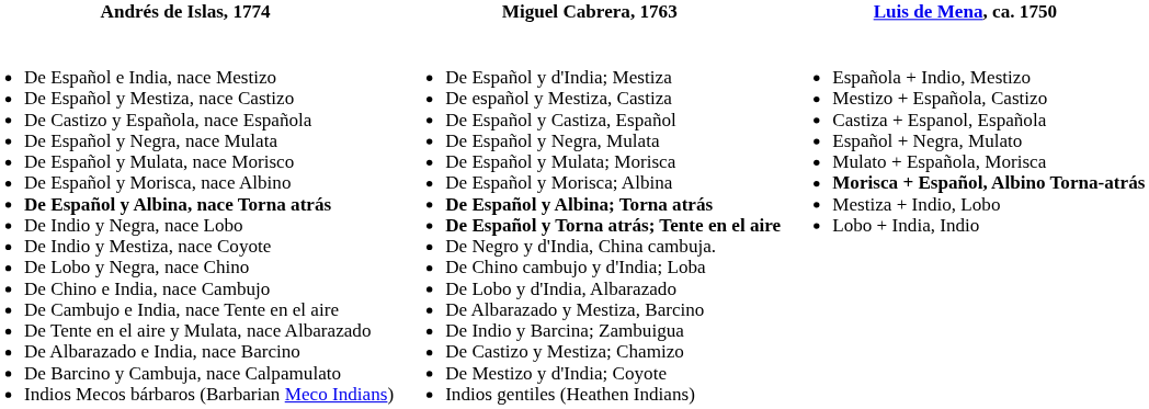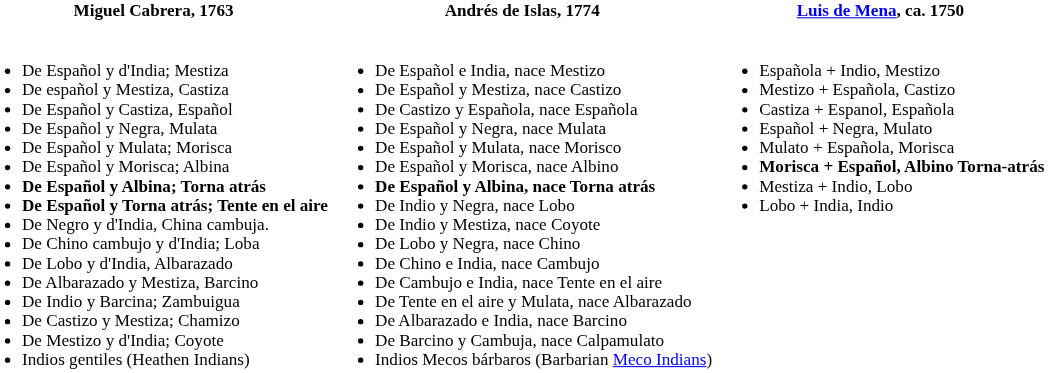 <table>
 <tr valign="top">
+<td align="center"><strong>Miguel Cabrera, 1763</strong></td>
 <td align="center"><strong>Andrés de Islas, 1774</strong></td>
-<td align="center"><strong>Miguel Cabrera, 1763</strong></td>
 <td align="center"><strong><a href='#'>Luis de Mena</a>, ca. 1750</strong></td>
 </tr>
 <tr valign="top">
+<td><br><ul><li>De Español y d'India; Mestiza</li><li>De español y Mestiza, Castiza</li><li>De Español y Castiza, Español</li><li>De Español y Negra, Mulata</li><li>De Español y Mulata; Morisca</li><li>De Español y Morisca; Albina</li><li><strong>De Español y Albina; Torna atrás</strong></li><li><strong>De Español y Torna atrás; Tente en el aire</strong></li><li>De Negro y d'India, China cambuja.</li><li>De Chino cambujo y d'India; Loba</li><li>De Lobo y d'India, Albarazado</li><li>De Albarazado y Mestiza, Barcino</li><li>De Indio y Barcina; Zambuigua</li><li>De Castizo y Mestiza; Chamizo</li><li>De Mestizo y d'India; Coyote</li><li>Indios gentiles (Heathen Indians)</li></ul></td>
 <td><br><ul><li>De Español e India, nace Mestizo</li><li>De Español y Mestiza, nace Castizo</li><li>De Castizo y Española, nace Española</li><li>De Español y Negra, nace Mulata</li><li>De Español y Mulata, nace Morisco</li><li>De Español y Morisca, nace Albino</li><li><strong>De Español y Albina, nace Torna atrás</strong></li><li>De Indio y Negra, nace Lobo</li><li>De Indio y Mestiza, nace Coyote</li><li>De Lobo y Negra, nace Chino</li><li>De Chino e India, nace Cambujo</li><li>De Cambujo e India, nace Tente en el aire</li><li>De Tente en el aire y Mulata, nace Albarazado</li><li>De Albarazado e India, nace Barcino</li><li>De Barcino y Cambuja, nace Calpamulato</li><li>Indios Mecos bárbaros (Barbarian <a href='#'>Meco Indians</a>)</li></ul></td>
-<td><br><ul><li>De Español y d'India; Mestiza</li><li>De español y Mestiza, Castiza</li><li>De Español y Castiza, Español</li><li>De Español y Negra, Mulata</li><li>De Español y Mulata; Morisca</li><li>De Español y Morisca; Albina</li><li><strong>De Español y Albina; Torna atrás</strong></li><li><strong>De Español y Torna atrás; Tente en el aire</strong></li><li>De Negro y d'India, China cambuja.</li><li>De Chino cambujo y d'India; Loba</li><li>De Lobo y d'India, Albarazado</li><li>De Albarazado y Mestiza, Barcino</li><li>De Indio y Barcina; Zambuigua</li><li>De Castizo y Mestiza; Chamizo</li><li>De Mestizo y d'India; Coyote</li><li>Indios gentiles (Heathen Indians)</li></ul></td>
 <td><br><ul><li>Española + Indio, Mestizo</li><li>Mestizo + Española, Castizo</li><li>Castiza + Espanol, Española</li><li>Español + Negra, Mulato</li><li>Mulato + Española, Morisca</li><li><strong>Morisca + Español, Albino Torna-atrás</strong></li><li>Mestiza + Indio, Lobo</li><li>Lobo + India, Indio</li></ul></td>
 </tr>
 </table>
